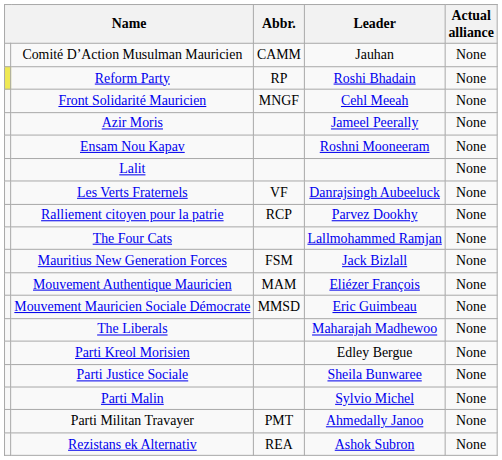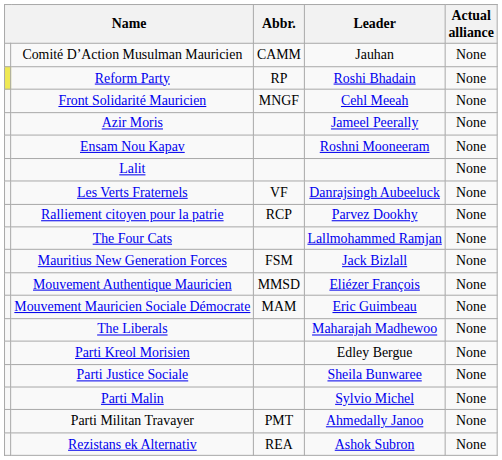 <table class="wikitable" style="font-size:85%;text-align:center">
 <tr>
 <th colspan=2>Name</th>
 <th>Abbr.</th>
 <th>Leader</th>
 <th>Actual<br>alliance</th>
 </tr>
 <tr>
 <td></td>
 <td>Comité D’Action Musulman Mauricien</td>
 <td>CAMM</td>
 <td>Jauhan</td>
 <td>None</td>
 </tr>
 <tr>
 <td style="background: #EFE953;"></td>
 <td><a href='#'>Reform Party</a></td>
 <td>RP</td>
 <td><a href='#'>Roshi Bhadain</a></td>
 <td>None</td>
 </tr>
 <tr>
 <td style="background: "></td>
 <td><a href='#'>Front Solidarité Mauricien</a></td>
 <td>MNGF</td>
 <td><a href='#'>Cehl Meeah</a></td>
 <td>None</td>
 </tr>
 <tr>
 <td style="background: "></td>
 <td><a href='#'>Azir Moris</a></td>
 <td></td>
 <td><a href='#'>Jameel Peerally</a></td>
 <td>None</td>
 </tr>
 <tr>
 <td style="background: "></td>
 <td><a href='#'>Ensam Nou Kapav</a></td>
 <td></td>
 <td><a href='#'>Roshni Mooneeram</a></td>
 <td>None</td>
 </tr>
 <tr>
 <td style="background: "></td>
 <td><a href='#'>Lalit</a></td>
 <td></td>
 <td></td>
 <td>None</td>
 </tr>
 <tr>
 <td style="background: "></td>
 <td><a href='#'>Les Verts Fraternels</a></td>
 <td>VF</td>
 <td><a href='#'>Danrajsingh Aubeeluck</a></td>
 <td>None</td>
 </tr>
 <tr>
 <td style="background: "></td>
 <td><a href='#'>Ralliement citoyen pour la patrie</a></td>
 <td>RCP</td>
 <td><a href='#'>Parvez Dookhy</a></td>
 <td>None</td>
 </tr>
 <tr>
 <td></td>
 <td><a href='#'>The Four Cats</a></td>
 <td></td>
 <td><a href='#'>Lallmohammed Ramjan</a></td>
 <td>None</td>
 </tr>
 <tr>
 <td></td>
 <td><a href='#'>Mauritius New Generation Forces</a></td>
 <td>FSM</td>
 <td><a href='#'>Jack Bizlall</a></td>
 <td>None</td>
 </tr>
 <tr>
 <td style="background: "></td>
 <td><a href='#'>Mouvement Authentique Mauricien</a></td>
-<td>MAM</td>
+<td>MMSD</td>
 <td><a href='#'>Eliézer François</a></td>
 <td>None</td>
 </tr>
 <tr>
 <td style="background: "></td>
 <td><a href='#'>Mouvement Mauricien Sociale Démocrate</a></td>
-<td>MMSD</td>
+<td>MAM</td>
 <td><a href='#'>Eric Guimbeau</a></td>
 <td>None</td>
 </tr>
 <tr>
 <td style="background: "></td>
 <td><a href='#'>The Liberals</a></td>
 <td></td>
 <td><a href='#'>Maharajah Madhewoo</a></td>
 <td>None</td>
 </tr>
 <tr>
 <td></td>
 <td><a href='#'>Parti Kreol Morisien</a></td>
 <td></td>
 <td>Edley Bergue</td>
 <td>None</td>
 </tr>
 <tr>
 <td></td>
 <td><a href='#'>Parti Justice Sociale</a></td>
 <td></td>
 <td><a href='#'>Sheila Bunwaree</a></td>
 <td>None</td>
 </tr>
 <tr>
 <td style="background: "></td>
 <td><a href='#'>Parti Malin</a></td>
 <td></td>
 <td><a href='#'>Sylvio Michel</a></td>
 <td>None</td>
 </tr>
 <tr>
 <td></td>
 <td>Parti Militan Travayer</td>
 <td>PMT</td>
 <td><a href='#'>Ahmedally Janoo</a></td>
 <td>None</td>
 </tr>
 <tr>
 <td style="background: "></td>
 <td><a href='#'>Rezistans ek Alternativ</a></td>
 <td>REA</td>
 <td><a href='#'>Ashok Subron</a></td>
 <td>None</td>
 </tr>
 </table>
